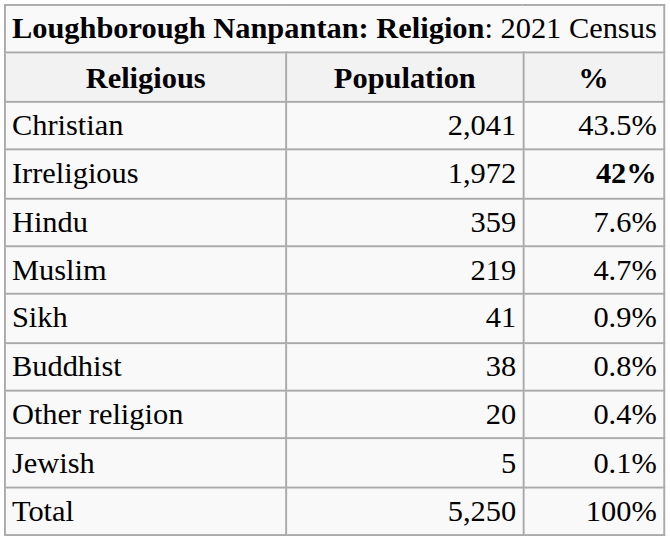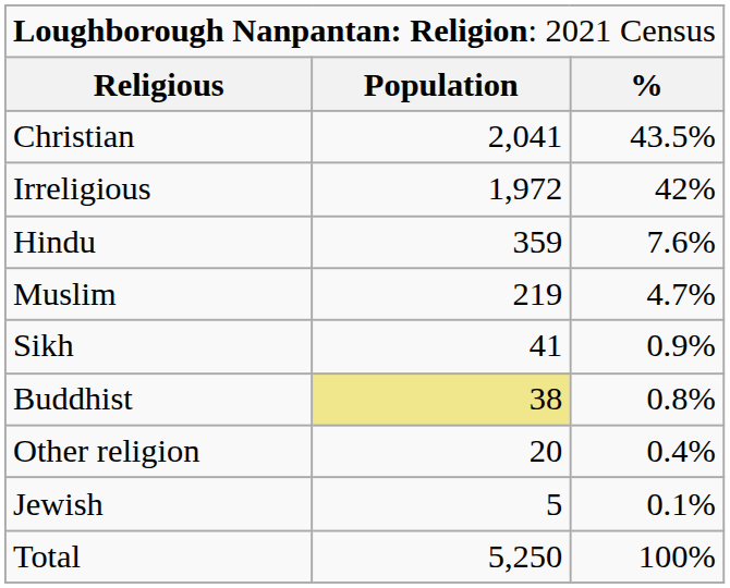 <table class="wikitable">
 <tr>
 <td colspan="14" style="text-align:right;"><strong>Loughborough Nanpantan: Religion</strong>: 2021 Census</td>
 </tr>
 <tr>
 <th>Religious</th>
 <th>Population</th>
 <th>%</th>
 </tr>
 <tr>
 <td>Christian</td>
 <td style="text-align:right;">2,041</td>
 <td style="text-align:right;">43.5%</td>
 </tr>
 <tr>
 <td>Irreligious</td>
 <td style="text-align:right;">1,972</td>
-<td style="text-align:right;"><strong>42%</strong></td>
+<td style="text-align:right;">42%</td>
 </tr>
 <tr>
 <td>Hindu</td>
 <td style="text-align:right;">359</td>
 <td style="text-align:right;">7.6%</td>
 </tr>
 <tr>
 <td>Muslim</td>
 <td style="text-align:right;">219</td>
 <td style="text-align:right;">4.7%</td>
 </tr>
 <tr>
 <td>Sikh</td>
 <td style="text-align:right;">41</td>
 <td style="text-align:right;">0.9%</td>
 </tr>
 <tr>
 <td>Buddhist</td>
-<td style="text-align:right;">38</td>
+<td style="background: khaki; text-align:right;">38</td>
 <td style="text-align:right;">0.8%</td>
 </tr>
 <tr>
 <td>Other religion</td>
 <td style="text-align:right;">20</td>
 <td style="text-align:right;">0.4%</td>
 </tr>
 <tr>
 <td>Jewish</td>
 <td style="text-align:right;">5</td>
 <td style="text-align:right;">0.1%</td>
 </tr>
 <tr>
 <td>Total</td>
 <td style="text-align:right;">5,250</td>
 <td style="text-align:right;">100%</td>
 </tr>
 </table>
